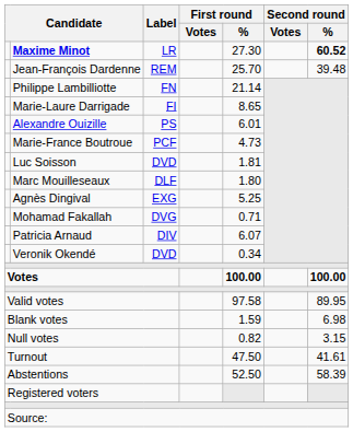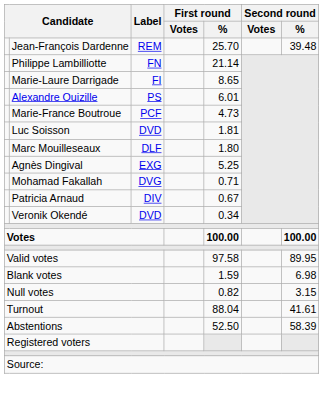 <table class="wikitable" style="text-align:right;font-size:95%;">
 <tr>
 <th rowspan="2" colspan="2">Candidate</th>
 <th rowspan="2">Label</th>
 <th colspan="2">First round</th>
 <th colspan="2">Second round</th>
 </tr>
 <tr>
 <th style="width:50px;">Votes</th>
 <th style="width:45px;">%</th>
 <th style="width:50px;">Votes</th>
 <th style="width:45px;">%</th>
-</tr>
-<tr>
-<td style="color:inherit;background:"></td>
-<td style="text-align:left;"><strong><a href='#'>Maxime Minot</a></strong></td>
-<td><a href='#'>LR</a></td>
-<td></td>
-<td>27.30</td>
-<td><strong></strong></td>
-<td><strong>60.52</strong></td>
 </tr>
 <tr>
 <td style="color:inherit;background:"></td>
 <td style="text-align:left;">Jean-François Dardenne</td>
 <td><a href='#'>REM</a></td>
 <td></td>
 <td>25.70</td>
 <td></td>
 <td>39.48</td>
 </tr>
 <tr>
 <td style="color:inherit;background:"></td>
 <td style="text-align:left;">Philippe Lambilliotte</td>
 <td><a href='#'>FN</a></td>
 <td></td>
 <td>21.14</td>
 <td colspan="2" rowspan="10" style="background:#E9E9E9;"></td>
 </tr>
 <tr>
 <td style="color:inherit;background:"></td>
 <td style="text-align:left;">Marie-Laure Darrigade</td>
 <td><a href='#'>FI</a></td>
 <td></td>
 <td>8.65</td>
 </tr>
 <tr>
 <td style="color:inherit;background:"></td>
 <td style="text-align:left;"><a href='#'>Alexandre Ouizille</a></td>
 <td><a href='#'>PS</a></td>
 <td></td>
 <td>6.01</td>
 </tr>
 <tr>
 <td style="color:inherit;background:"></td>
 <td style="text-align:left;">Marie-France Boutroue</td>
 <td><a href='#'>PCF</a></td>
 <td></td>
 <td>4.73</td>
 </tr>
 <tr>
 <td style="color:inherit;background:"></td>
 <td style="text-align:left;">Luc Soisson</td>
 <td><a href='#'>DVD</a></td>
 <td></td>
 <td>1.81</td>
 </tr>
 <tr>
 <td style="color:inherit;background:"></td>
 <td style="text-align:left;">Marc Mouilleseaux</td>
 <td><a href='#'>DLF</a></td>
 <td></td>
 <td>1.80</td>
 </tr>
 <tr>
 <td style="color:inherit;background:"></td>
 <td style="text-align:left;">Agnès Dingival</td>
 <td><a href='#'>EXG</a></td>
 <td></td>
 <td>5.25</td>
 </tr>
 <tr>
 <td style="color:inherit;background:"></td>
 <td style="text-align:left;">Mohamad Fakallah</td>
 <td><a href='#'>DVG</a></td>
 <td></td>
 <td>0.71</td>
 </tr>
 <tr>
 <td style="color:inherit;background:"></td>
 <td style="text-align:left;">Patricia Arnaud</td>
 <td><a href='#'>DIV</a></td>
 <td></td>
-<td>6.07</td>
+<td>0.67</td>
 </tr>
 <tr>
 <td style="color:inherit;background:"></td>
 <td style="text-align:left;">Veronik Okendé</td>
 <td><a href='#'>DVD</a></td>
 <td></td>
 <td>0.34</td>
 </tr>
 <tr>
 <td colspan="7" style="background:#E9E9E9;"></td>
 </tr>
 <tr style="font-weight:bold;">
 <td colspan="3" style="text-align:left;">Votes</td>
 <td></td>
 <td>100.00</td>
 <td></td>
 <td>100.00</td>
 </tr>
 <tr>
 <td colspan="7" style="background:#E9E9E9;"></td>
 </tr>
 <tr>
 <td colspan="3" style="text-align:left;">Valid votes</td>
 <td></td>
 <td>97.58</td>
 <td></td>
 <td>89.95</td>
 </tr>
 <tr>
 <td colspan="3" style="text-align:left;">Blank votes</td>
 <td></td>
 <td>1.59</td>
 <td></td>
 <td>6.98</td>
 </tr>
 <tr>
 <td colspan="3" style="text-align:left;">Null votes</td>
 <td></td>
 <td>0.82</td>
 <td></td>
 <td>3.15</td>
 </tr>
 <tr>
 <td colspan="3" style="text-align:left;">Turnout</td>
 <td></td>
-<td>47.50</td>
+<td>88.04</td>
 <td></td>
 <td>41.61</td>
 </tr>
 <tr>
 <td colspan="3" style="text-align:left;">Abstentions</td>
 <td></td>
 <td>52.50</td>
 <td></td>
 <td>58.39</td>
 </tr>
 <tr>
 <td colspan="3" style="text-align:left;">Registered voters</td>
 <td></td>
 <td style="background:#E9E9E9;"></td>
 <td></td>
 <td style="background:#E9E9E9;"></td>
 </tr>
 <tr>
 <td colspan="7" style="background:#E9E9E9;"></td>
 </tr>
 <tr>
 <td colspan="7" style="text-align:left;">Source: </td>
 </tr>
 </table>
